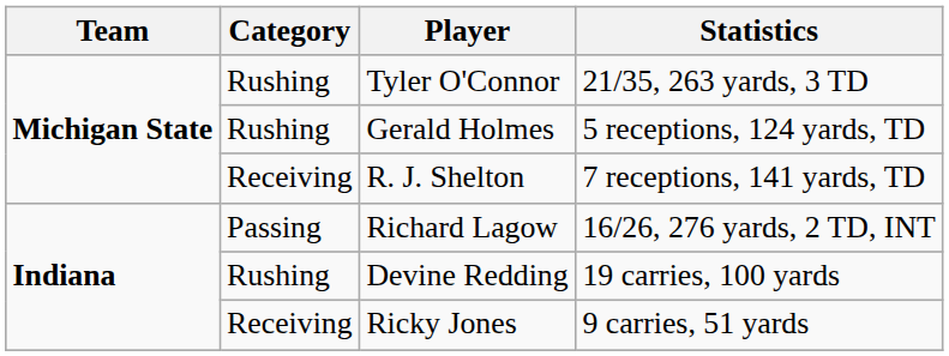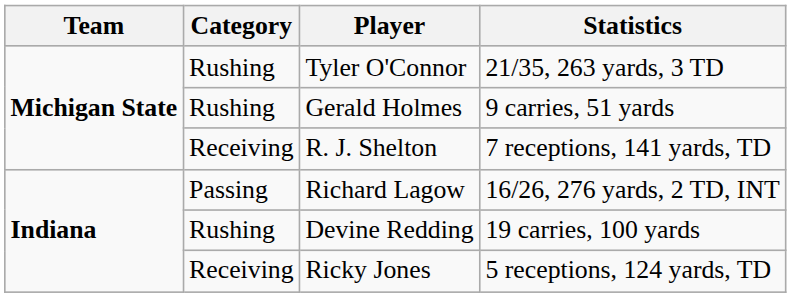 <table class="wikitable" style="float: right;">
 <tr>
 <th>Team</th>
 <th>Category</th>
 <th>Player</th>
 <th>Statistics</th>
 </tr>
 <tr>
 <td rowspan=3><strong>Michigan State</strong></td>
 <td>Rushing</td>
 <td>Tyler O'Connor</td>
 <td>21/35, 263 yards, 3 TD</td>
 </tr>
 <tr>
 <td>Rushing</td>
 <td>Gerald Holmes</td>
-<td>5 receptions, 124 yards, TD</td>
+<td>9 carries, 51 yards</td>
 </tr>
 <tr>
 <td>Receiving</td>
 <td>R. J. Shelton</td>
 <td>7 receptions, 141 yards, TD</td>
 </tr>
 <tr>
 <td rowspan=3><strong>Indiana</strong></td>
 <td>Passing</td>
 <td>Richard Lagow</td>
 <td>16/26, 276 yards, 2 TD, INT</td>
 </tr>
 <tr>
 <td>Rushing</td>
 <td>Devine Redding</td>
 <td>19 carries, 100 yards</td>
 </tr>
 <tr>
 <td>Receiving</td>
 <td>Ricky Jones</td>
-<td>9 carries, 51 yards</td>
+<td>5 receptions, 124 yards, TD</td>
 </tr>
 </table>
